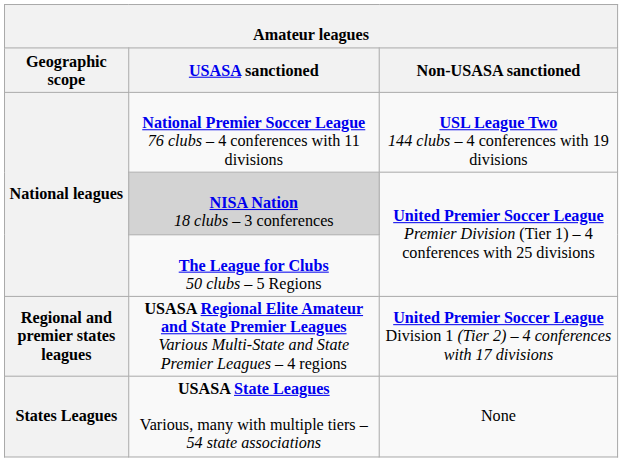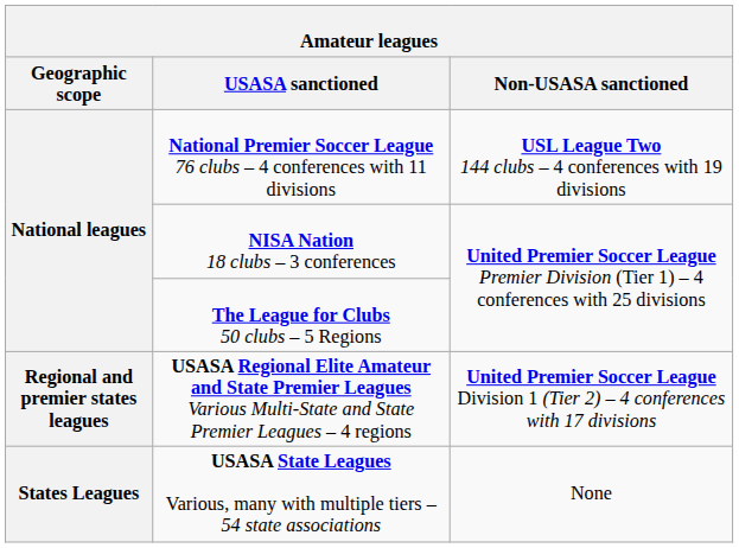 <table class="wikitable" style="text-align: center;">
 <tr>
 <th colspan="4"><br>Amateur leagues</th>
 </tr>
 <tr>
 <th>Geographic scope</th>
 <th><a href='#'>USASA</a> sanctioned</th>
 <th>Non-USASA sanctioned</th>
 </tr>
 <tr>
 <th rowspan="3">National leagues</th>
 <td><br><strong><a href='#'>National Premier Soccer League</a></strong><br><em>76 clubs</em> – 4 conferences with 11 divisions</td>
 <td><br><strong><a href='#'>USL League Two</a></strong><br> <em>144 clubs</em> – 4 conferences with 19 divisions</td>
 </tr>
 <tr>
-<td style="background: lightgrey;"><br><strong><a href='#'>NISA Nation</a> </strong><br> <em>18 clubs</em> – 3 conferences</td>
+<td><br><strong><a href='#'>NISA Nation</a> </strong><br> <em>18 clubs</em> – 3 conferences</td>
 <td rowspan="2"><strong><a href='#'>United Premier Soccer League</a></strong><br> <em>Premier Division</em> (Tier 1) – 4 conferences with 25 divisions</td>
 </tr>
 <tr>
 <td><br><strong><a href='#'>The League for Clubs</a></strong><br> <em>50 clubs</em> – 5 Regions</td>
 </tr>
 <tr>
 <th>Regional and<br>premier states leagues</th>
 <td><strong>USASA <a href='#'>Regional Elite Amateur and State Premier Leagues</a></strong><br><em>Various Multi-State and State Premier Leagues – </em>4 regions<em></td>
 <td><strong><a href='#'>United Premier Soccer League</a></strong> <br> </em>Division 1<em> (Tier 2) – 4 conferences with 17 divisions</td>
 </tr>
 <tr>
 <th>States Leagues</th>
 <td><strong>USASA <a href='#'>State Leagues</a></strong><br><br></em>Various, many with multiple tiers<em> – <br>54 state associations</td>
 <td></em>None<em></td>
 </tr>
 </table>
